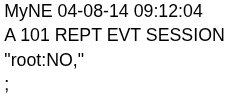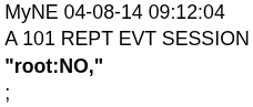 <table>
 <tr>
 <td>MyNE 04-08-14 09:12:04</td>
 </tr>
 <tr>
 <td>A  101 REPT EVT SESSION</td>
 </tr>
 <tr>
-<td>"root:NO,"</td>
+<td><strong>"root:NO,"</strong></td>
 </tr>
 <tr>
 <td>;</td>
 </tr>
 </table>
